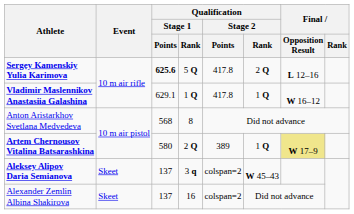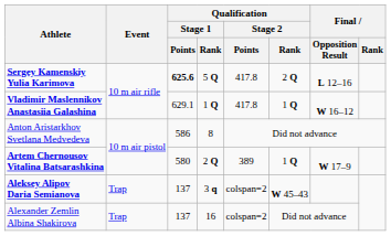 <table class="wikitable" style="text-align:center; font-size:90%">
 <tr>
 <th rowspan=3>Athlete</th>
 <th rowspan=3>Event</th>
 <th colspan=4>Qualification</th>
 <th colspan=2 rowspan=2>Final / </th>
 </tr>
 <tr>
 <th colspan="2">Stage 1</th>
 <th colspan="2">Stage 2</th>
 </tr>
 <tr style="font-size:95%">
 <th>Points</th>
 <th>Rank</th>
 <th>Points</th>
 <th>Rank</th>
 <th>Opposition<br>Result</th>
 <th>Rank</th>
 </tr>
 <tr>
 <td align=left><strong><a href='#'>Sergey Kamenskiy</a><br><a href='#'>Yulia Karimova</a></strong></td>
 <td rowspan=2 align=left><a href='#'>10 m air rifle</a></td>
 <td><strong>625.6</strong></td>
 <td>5 <strong>Q</strong></td>
 <td>417.8</td>
 <td>2 <strong>Q</strong></td>
 <td><br><strong>L</strong> 12–16</td>
 <td></td>
 </tr>
 <tr>
 <td align=left><strong><a href='#'>Vladimir Maslennikov</a><br><a href='#'>Anastasiia Galashina</a></strong></td>
 <td>629.1</td>
 <td>1 <strong>Q</strong></td>
 <td>417.8</td>
 <td>1 <strong>Q</strong></td>
 <td><br><strong>W</strong> 16–12</td>
 <td></td>
 </tr>
 <tr>
 <td align=left><a href='#'>Anton Aristarkhov</a><br><a href='#'>Svetlana Medvedeva</a></td>
 <td rowspan=2 align=left><a href='#'>10 m air pistol</a></td>
-<td>568</td>
+<td>586</td>
 <td>8</td>
 <td colspan=4>Did not advance</td>
 </tr>
 <tr>
 <td align=left><strong><a href='#'>Artem Chernousov</a><br><a href='#'>Vitalina Batsarashkina</a></strong></td>
 <td>580</td>
 <td>2 <strong>Q</strong></td>
 <td>389</td>
 <td>1 <strong>Q</strong></td>
-<td style="background: khaki;"><br><strong>W</strong> 17–9</td>
+<td><br><strong>W</strong> 17–9</td>
 <td></td>
 </tr>
 <tr>
 <td align=left><strong><a href='#'>Aleksey Alipov</a><br><a href='#'>Daria Semianova</a></strong></td>
-<td align=left><a href='#'>Skeet</a></td>
+<td align=left><a href='#'>Trap</a></td>
 <td>137</td>
 <td>3 <strong>q</strong></td>
 <td>colspan=2 </td>
 <td><br><strong>W</strong> 45–43</td>
 <td></td>
 </tr>
 <tr>
 <td align=left><a href='#'>Alexander Zemlin</a><br><a href='#'>Albina Shakirova</a></td>
-<td align=left><a href='#'>Skeet</a></td>
+<td align=left><a href='#'>Trap</a></td>
 <td>137</td>
 <td>16</td>
 <td>colspan=2 </td>
 <td colspan=2>Did not advance</td>
 </tr>
 </table>
